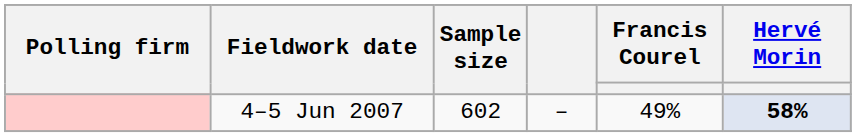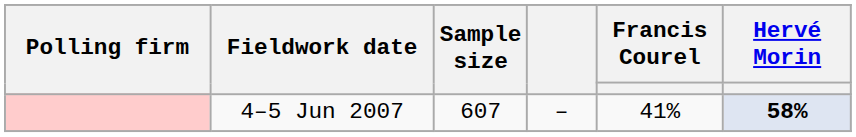 <table class="wikitable sortable" style="text-align:center;font-size:90%;line-height:14px;">
 <tr style="height:40px;">
 <th style="width:100px;" rowspan="2">Polling firm</th>
 <th style="width:110px;" rowspan="2">Fieldwork date</th>
 <th style="width:35px;" rowspan="2">Sample<br>size</th>
 <th style="width:30px;" rowspan="2"></th>
 <th class="unsortable" style="width:60px;">Francis Courel<br></th>
 <th class="unsortable" style="width:60px;"><a href='#'>Hervé Morin</a><br></th>
 </tr>
 <tr>
 <th style="background:"></th>
 <th style="background:"></th>
 </tr>
 <tr>
 <td style="background:#FFCCCC;"></td>
 <td data-sort-value="2007-06-05">4–5 Jun 2007</td>
-<td>602</td>
+<td>607</td>
 <td>–</td>
-<td>49%</td>
+<td>41%</td>
 <td style="background:#DEE5F2;"><strong>58%</strong></td>
 </tr>
 </table>
